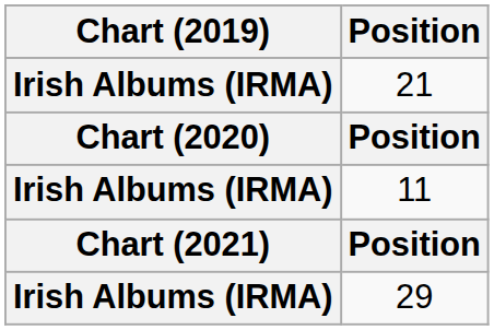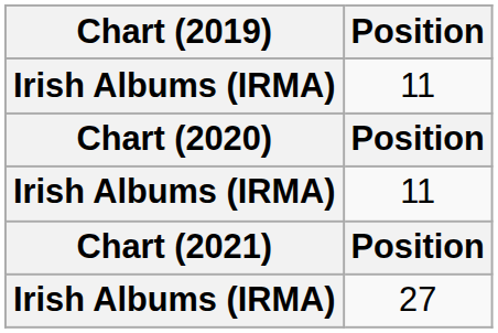 <table class="wikitable plainrowheaders" style="text-align:center">
 <tr>
 <th scope="col">Chart (2019)</th>
 <th scope="col">Position</th>
 </tr>
 <tr>
 <th scope="row">Irish Albums (IRMA)</th>
-<td>21</td>
+<td>11</td>
 </tr>
 <tr>
 <th scope="col">Chart (2020)</th>
 <th scope="col">Position</th>
 </tr>
 <tr>
 <th scope="row">Irish Albums (IRMA)</th>
 <td>11</td>
 </tr>
 <tr>
 <th scope="col">Chart (2021)</th>
 <th scope="col">Position</th>
 </tr>
 <tr>
 <th scope="row">Irish Albums (IRMA)</th>
-<td>29</td>
+<td>27</td>
 </tr>
 </table>
